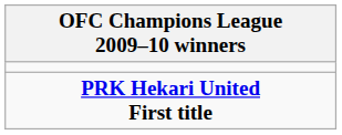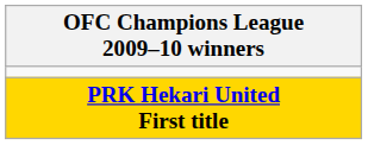 <table class="wikitable" style="text-align: center; margin: 0 auto; width: 20%">
 <tr>
 <th>OFC Champions League<br>2009–10 winners</th>
 </tr>
 <tr>
 <td></td>
 </tr>
 <tr>
-<td><strong><a href='#'>PRK Hekari United</a></strong><br><strong>First title</strong></td>
+<td style="background: gold;"><strong><a href='#'>PRK Hekari United</a></strong><br><strong>First title</strong></td>
 </tr>
 </table>
